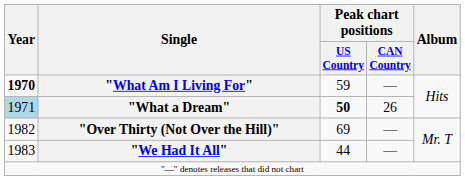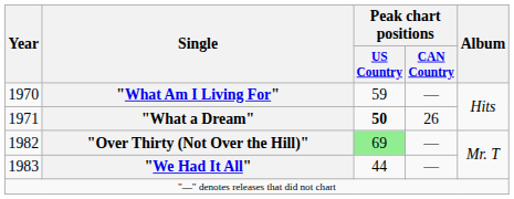 <table class="wikitable plainrowheaders" style="text-align:center;">
 <tr>
 <th rowspan="2">Year</th>
 <th rowspan="2" style="width:20em;">Single</th>
 <th colspan="2">Peak chart<br>positions</th>
 <th rowspan="2">Album</th>
 </tr>
 <tr style="font-size:smaller;">
 <th width="45"><a href='#'>US Country</a><br></th>
 <th width="45"><a href='#'>CAN Country</a></th>
 </tr>
 <tr>
-<td><strong>1970</strong></td>
+<td>1970</td>
 <th scope="row">"<a href='#'>What Am I Living For</a>" </th>
 <td>59</td>
 <td>—</td>
 <td rowspan="2"><em>Hits</em></td>
 </tr>
 <tr>
-<td style="background: lightblue;">1971</td>
+<td>1971</td>
 <th scope="row">"What a Dream" </th>
 <td><strong>50</strong></td>
 <td>26</td>
 </tr>
 <tr>
 <td>1982</td>
 <th scope="row">"Over Thirty (Not Over the Hill)"</th>
-<td>69</td>
+<td style="background: lightgreen;">69</td>
 <td>—</td>
 <td rowspan="2"><em>Mr. T</em></td>
 </tr>
 <tr>
 <td>1983</td>
 <th scope="row">"<a href='#'>We Had It All</a>"</th>
 <td>44</td>
 <td>—</td>
 </tr>
 <tr>
 <td colspan="5" style="font-size:8pt">"—" denotes releases that did not chart</td>
 </tr>
 </table>
